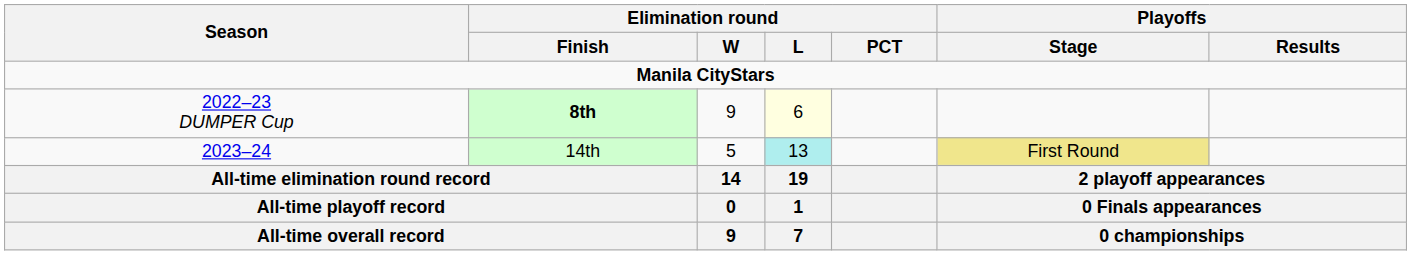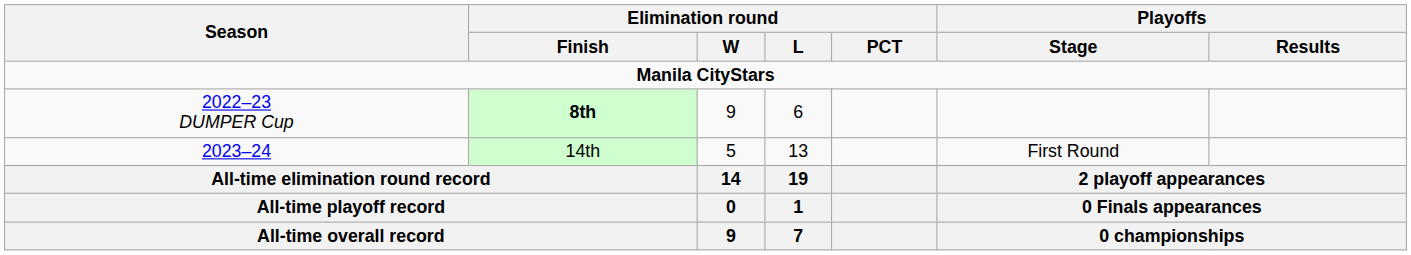 <table class=wikitable style="width:100%; text-align:center">
 <tr>
 <th rowspan=2>Season</th>
 <th colspan=4>Elimination round</th>
 <th colspan=2>Playoffs</th>
 </tr>
 <tr>
 <th>Finish</th>
 <th>W</th>
 <th>L</th>
 <th>PCT</th>
 <th>Stage</th>
 <th>Results</th>
 </tr>
 <tr>
 <td colspan=10><span><strong>Manila CityStars</strong></span></td>
 </tr>
 <tr>
 <td><a href='#'>2022–23</a><br> <em>DUMPER Cup</em></td>
 <td bgcolor="CFFFCF"><strong>8th</strong></td>
 <td>9</td>
-<td style="background: lightyellow;">6</td>
+<td>6</td>
 <td></td>
 <td></td>
 <td></td>
 </tr>
 <tr>
 <td><a href='#'>2023–24</a> <br> </td>
 <td bgcolor="#CFFFCF">14th</td>
 <td>5</td>
-<td style="background: paleturquoise;">13</td>
+<td>13</td>
 <td></td>
-<td style="background: khaki;">First Round</td>
+<td>First Round</td>
 <td></td>
 </tr>
 <tr>
 <th colspan=2>All-time elimination round record</th>
 <th>14</th>
 <th>19</th>
 <th></th>
 <th colspan=3>2 playoff appearances</th>
 </tr>
 <tr>
 <th colspan=2>All-time playoff record</th>
 <th>0</th>
 <th>1</th>
 <th></th>
 <th colspan=3>0 Finals appearances</th>
 </tr>
 <tr>
 <th colspan=2>All-time overall record</th>
 <th>9</th>
 <th>7</th>
 <th></th>
 <th colspan=3>0 championships</th>
 </tr>
 </table>
